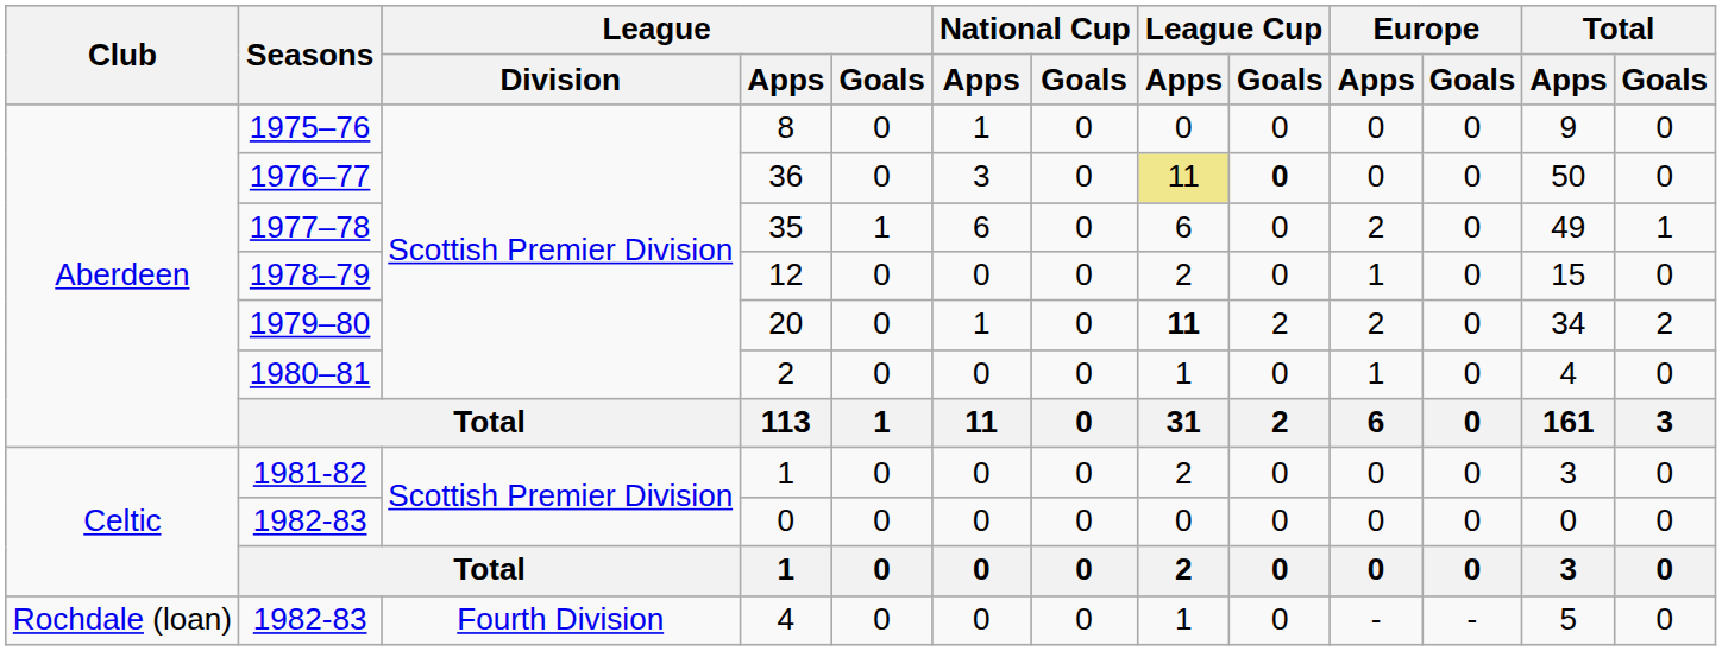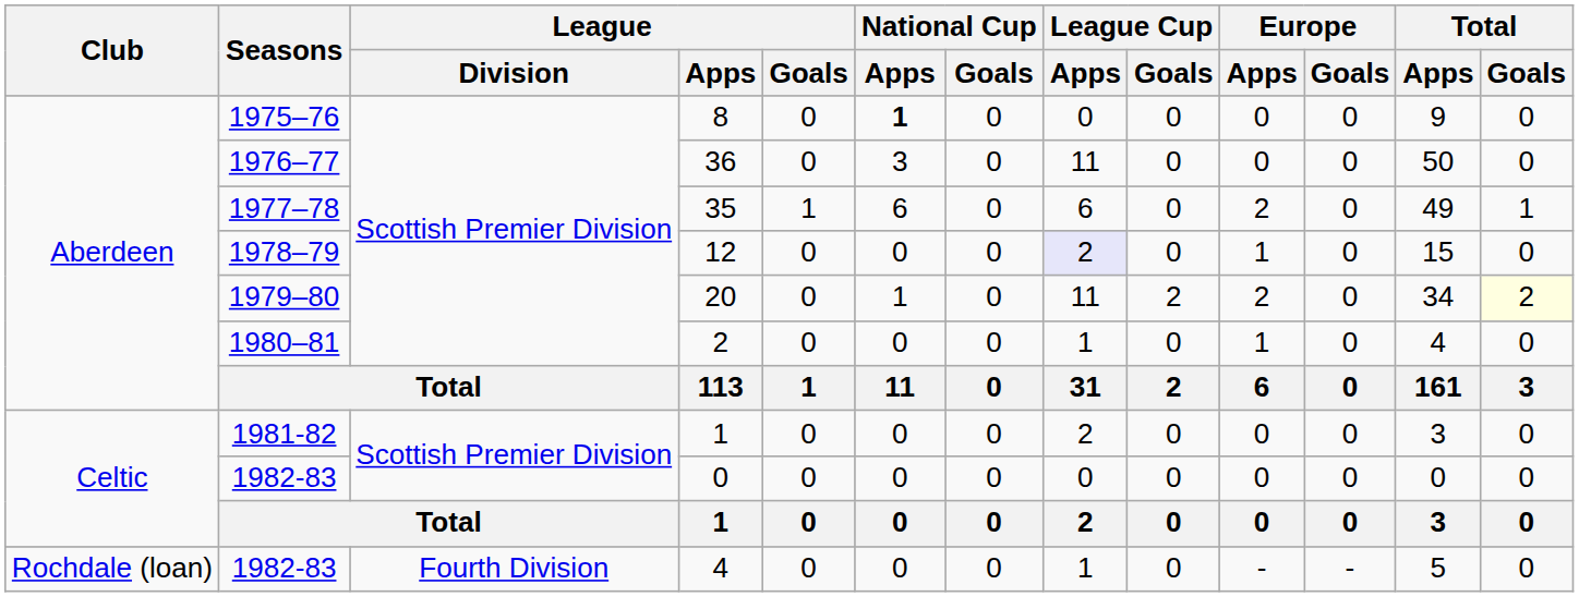 <table class="wikitable" style="text-align:center">
 <tr>
 <th rowspan="2">Club</th>
 <th rowspan="2">Seasons</th>
 <th colspan="3">League</th>
 <th colspan="2">National Cup</th>
 <th colspan="2">League Cup</th>
 <th colspan="2">Europe</th>
 <th colspan="2">Total</th>
 </tr>
 <tr>
 <th>Division</th>
 <th>Apps</th>
 <th>Goals</th>
 <th>Apps</th>
 <th>Goals</th>
 <th>Apps</th>
 <th>Goals</th>
 <th>Apps</th>
 <th>Goals</th>
 <th>Apps</th>
 <th>Goals</th>
 </tr>
 <tr>
 <td rowspan="7"><a href='#'>Aberdeen</a></td>
 <td><a href='#'>1975–76</a></td>
 <td rowspan="6"><a href='#'>Scottish Premier Division</a></td>
 <td>8</td>
 <td>0</td>
-<td>1</td>
+<td><strong>1</strong></td>
 <td>0</td>
 <td>0</td>
 <td>0</td>
 <td>0</td>
 <td>0</td>
 <td>9</td>
 <td>0</td>
 </tr>
 <tr>
 <td><a href='#'>1976–77</a></td>
 <td>36</td>
 <td>0</td>
 <td>3</td>
 <td>0</td>
-<td style="background: khaki;">11</td>
-<td><strong>0</strong></td>
+<td>11</td>
+<td>0</td>
 <td>0</td>
 <td>0</td>
 <td>50</td>
 <td>0</td>
 </tr>
 <tr>
 <td><a href='#'>1977–78</a></td>
 <td>35</td>
 <td>1</td>
 <td>6</td>
 <td>0</td>
 <td>6</td>
 <td>0</td>
 <td>2</td>
 <td>0</td>
 <td>49</td>
 <td>1</td>
 </tr>
 <tr>
 <td><a href='#'>1978–79</a></td>
 <td>12</td>
 <td>0</td>
 <td>0</td>
 <td>0</td>
-<td>2</td>
+<td style="background: lavender;">2</td>
 <td>0</td>
 <td>1</td>
 <td>0</td>
 <td>15</td>
 <td>0</td>
 </tr>
 <tr>
 <td><a href='#'>1979–80</a></td>
 <td>20</td>
 <td>0</td>
 <td>1</td>
 <td>0</td>
-<td><strong>11</strong></td>
+<td>11</td>
 <td>2</td>
 <td>2</td>
 <td>0</td>
 <td>34</td>
-<td>2</td>
+<td style="background: lightyellow;">2</td>
 </tr>
 <tr>
 <td><a href='#'>1980–81</a></td>
 <td>2</td>
 <td>0</td>
 <td>0</td>
 <td>0</td>
 <td>1</td>
 <td>0</td>
 <td>1</td>
 <td>0</td>
 <td>4</td>
 <td>0</td>
 </tr>
 <tr>
 <th colspan="2">Total</th>
 <th>113</th>
 <th>1</th>
 <th>11</th>
 <th>0</th>
 <th>31</th>
 <th>2</th>
 <th>6</th>
 <th>0</th>
 <th>161</th>
 <th>3</th>
 </tr>
 <tr>
 <td rowspan="3"><a href='#'>Celtic</a></td>
 <td><a href='#'>1981-82</a></td>
 <td rowspan="2"><a href='#'>Scottish Premier Division</a></td>
 <td>1</td>
 <td>0</td>
 <td>0</td>
 <td>0</td>
 <td>2</td>
 <td>0</td>
 <td>0</td>
 <td>0</td>
 <td>3</td>
 <td>0</td>
 </tr>
 <tr>
 <td><a href='#'>1982-83</a></td>
 <td>0</td>
 <td>0</td>
 <td>0</td>
 <td>0</td>
 <td>0</td>
 <td>0</td>
 <td>0</td>
 <td>0</td>
 <td>0</td>
 <td>0</td>
 </tr>
 <tr>
 <th colspan="2">Total</th>
 <th>1</th>
 <th>0</th>
 <th>0</th>
 <th>0</th>
 <th>2</th>
 <th>0</th>
 <th>0</th>
 <th>0</th>
 <th>3</th>
 <th>0</th>
 </tr>
 <tr>
 <td><a href='#'>Rochdale</a> (loan)</td>
 <td><a href='#'>1982-83</a></td>
 <td><a href='#'>Fourth Division</a></td>
 <td>4</td>
 <td>0</td>
 <td>0</td>
 <td>0</td>
 <td>1</td>
 <td>0</td>
 <td>-</td>
 <td>-</td>
 <td>5</td>
 <td>0</td>
 </tr>
 </table>
